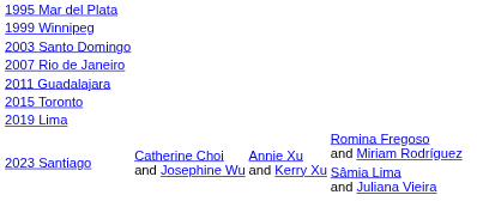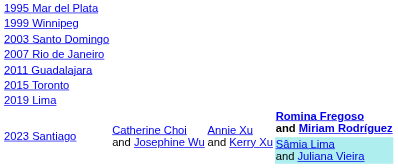 <table>
 <tr>
 <td rowspan=2><a href='#'>1995 Mar del Plata</a><br></td>
 <td rowspan=2></td>
 <td rowspan=2></td>
 <td></td>
 </tr>
 <tr>
 <td></td>
 </tr>
 <tr>
 <td rowspan=2><a href='#'>1999 Winnipeg</a><br></td>
 <td rowspan=2></td>
 <td rowspan=2></td>
 <td></td>
 </tr>
 <tr>
 <td></td>
 </tr>
 <tr>
 <td rowspan=2><a href='#'>2003 Santo Domingo</a><br></td>
 <td rowspan=2></td>
 <td rowspan=2></td>
 <td></td>
 </tr>
 <tr>
 <td></td>
 </tr>
 <tr>
 <td rowspan=2><a href='#'>2007 Rio de Janeiro</a><br></td>
 <td rowspan=2></td>
 <td rowspan=2></td>
 <td></td>
 </tr>
 <tr>
 <td></td>
 </tr>
 <tr>
 <td rowspan=2><a href='#'>2011 Guadalajara</a><br></td>
 <td rowspan=2></td>
 <td rowspan=2></td>
 <td></td>
 </tr>
 <tr>
 <td></td>
 </tr>
 <tr>
 <td rowspan=2><a href='#'>2015 Toronto</a><br></td>
 <td rowspan=2></td>
 <td rowspan=2></td>
 <td></td>
 </tr>
 <tr>
 <td></td>
 </tr>
 <tr>
 <td rowspan=2><a href='#'>2019 Lima</a><br></td>
 <td rowspan=2></td>
 <td rowspan=2></td>
 <td></td>
 </tr>
 <tr>
 <td></td>
 </tr>
 <tr>
 <td rowspan=2><a href='#'>2023 Santiago</a><br></td>
 <td rowspan=2><a href='#'>Catherine Choi</a><br>and <a href='#'>Josephine Wu</a><br></td>
 <td rowspan=2><a href='#'>Annie Xu</a><br>and <a href='#'>Kerry Xu</a><br></td>
-<td><a href='#'>Romina Fregoso</a><br>and <a href='#'>Miriam Rodríguez</a><br></td>
+<td><strong><a href='#'>Romina Fregoso</a><br>and <a href='#'>Miriam Rodríguez</a><br></strong></td>
 </tr>
 <tr>
-<td><a href='#'>Sâmia Lima</a><br>and <a href='#'>Juliana Vieira</a><br></td>
+<td style="background: paleturquoise;"><a href='#'>Sâmia Lima</a><br>and <a href='#'>Juliana Vieira</a><br></td>
 </tr>
 </table>
